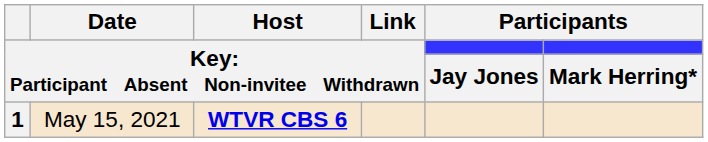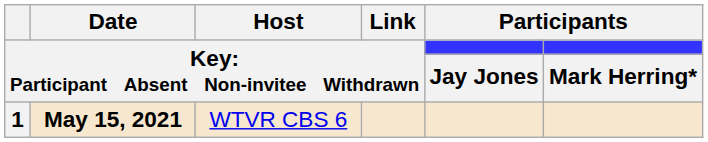 <table class="wikitable" style="text-align:center;">
 <tr>
 <th scope="col"></th>
 <th scope="col">Date</th>
 <th scope="col">Host</th>
 <th scope="col">Link</th>
 <th scope="col" colspan="7">Participants</th>
 </tr>
 <tr>
 <th colspan="4" rowspan="2">Key:<br> <small>Participant  </small> <small>Absent  </small> <small>Non-invitee  </small> <small>Withdrawn</small></th>
 <th scope="col" style="background:#3333FF;"></th>
 <th scope="col" style="background:#3333FF;"></th>
 </tr>
 <tr>
 <th scope="col">Jay Jones</th>
 <th scope="col">Mark Herring*</th>
 </tr>
 <tr style="background:#f7e7ce;">
 <th scope="row">1</th>
-<td style="white-space:nowrap;">May 15, 2021</td>
-<td style="white-space:nowrap;"><strong><a href='#'>WTVR CBS 6</a></strong></td>
+<td style="white-space:nowrap;"><strong>May 15, 2021</strong></td>
+<td style="white-space:nowrap;"><a href='#'>WTVR CBS 6</a></td>
 <td style="white-space:nowrap;"></td>
 <td></td>
 <td></td>
 </tr>
 </table>
